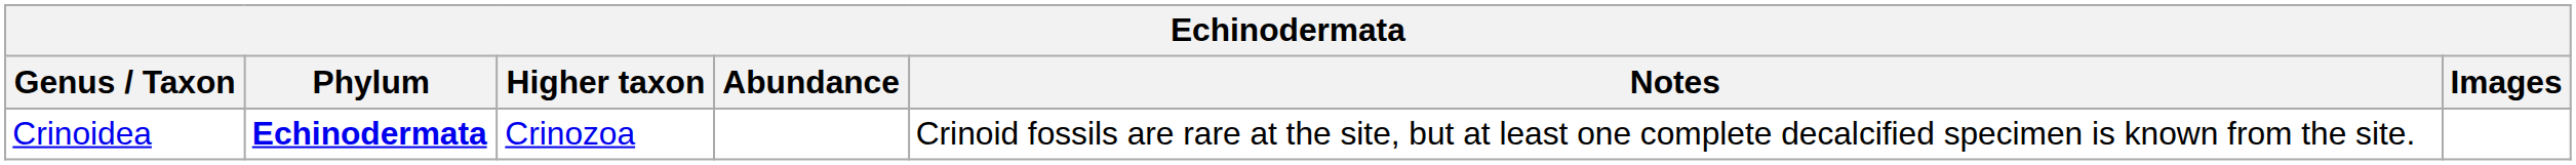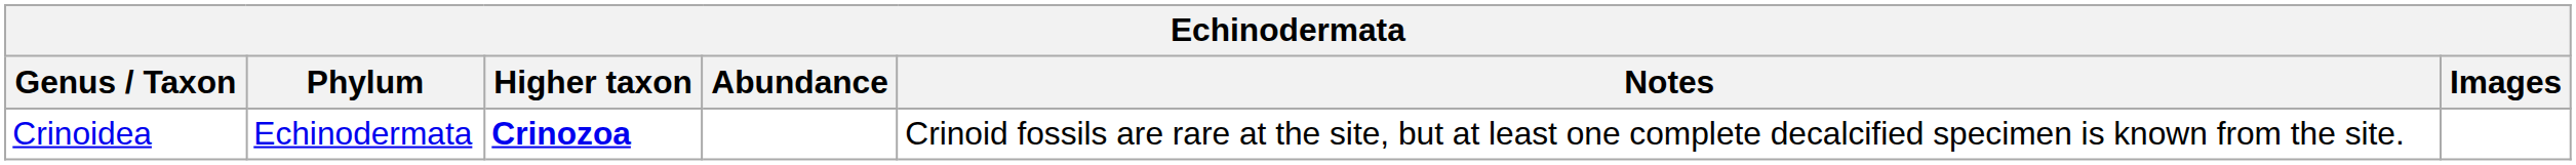 <table class="wikitable sortable" style="background:white; width:100%;">
 <tr>
 <th colspan="7" align="center">Echinodermata</th>
 </tr>
 <tr>
 <th>Genus / Taxon</th>
 <th>Phylum</th>
 <th>Higher taxon</th>
 <th>Abundance</th>
 <th>Notes</th>
 <th>Images</th>
 </tr>
 <tr>
 <td><a href='#'>Crinoidea</a></td>
-<td><strong><a href='#'>Echinodermata</a></strong></td>
-<td><a href='#'>Crinozoa</a></td>
+<td><a href='#'>Echinodermata</a></td>
+<td><strong><a href='#'>Crinozoa</a></strong></td>
 <td></td>
 <td>Crinoid fossils are rare at the site, but at least one complete decalcified specimen is known from the site.</td>
 <td></td>
 </tr>
 </table>
